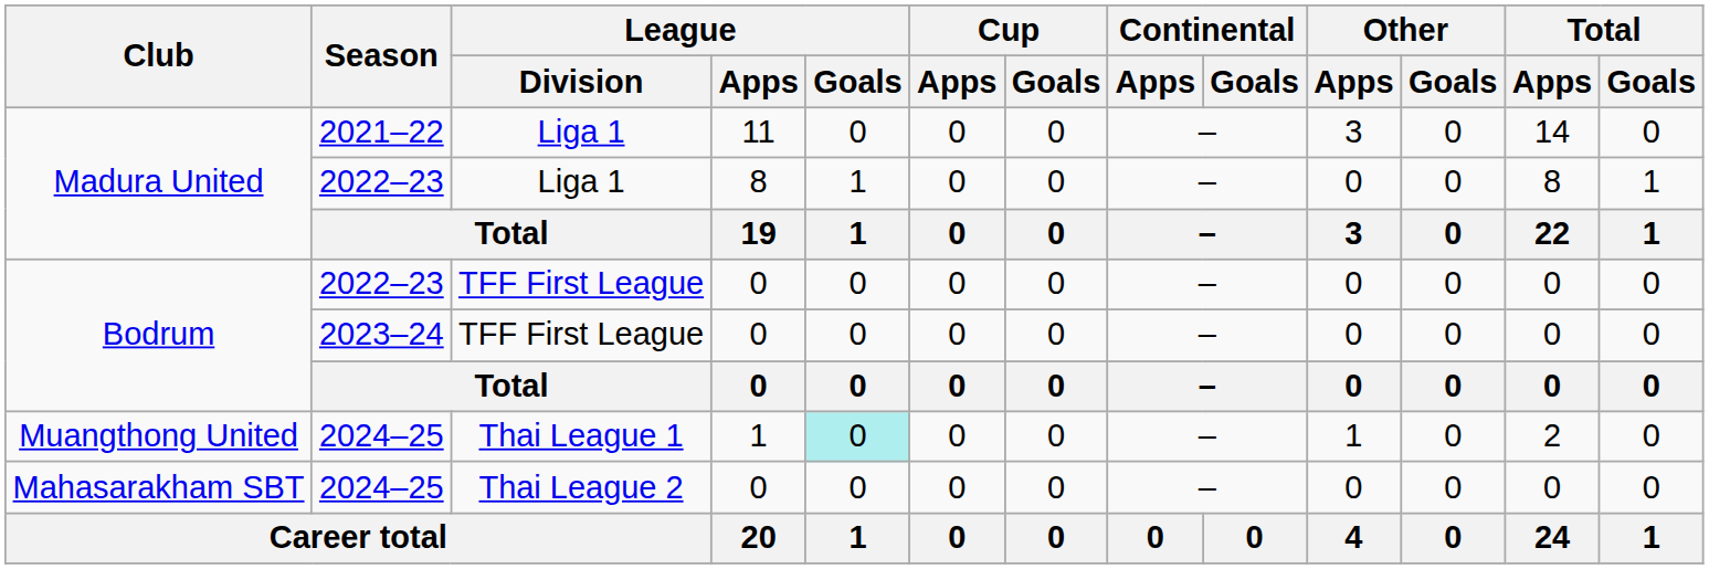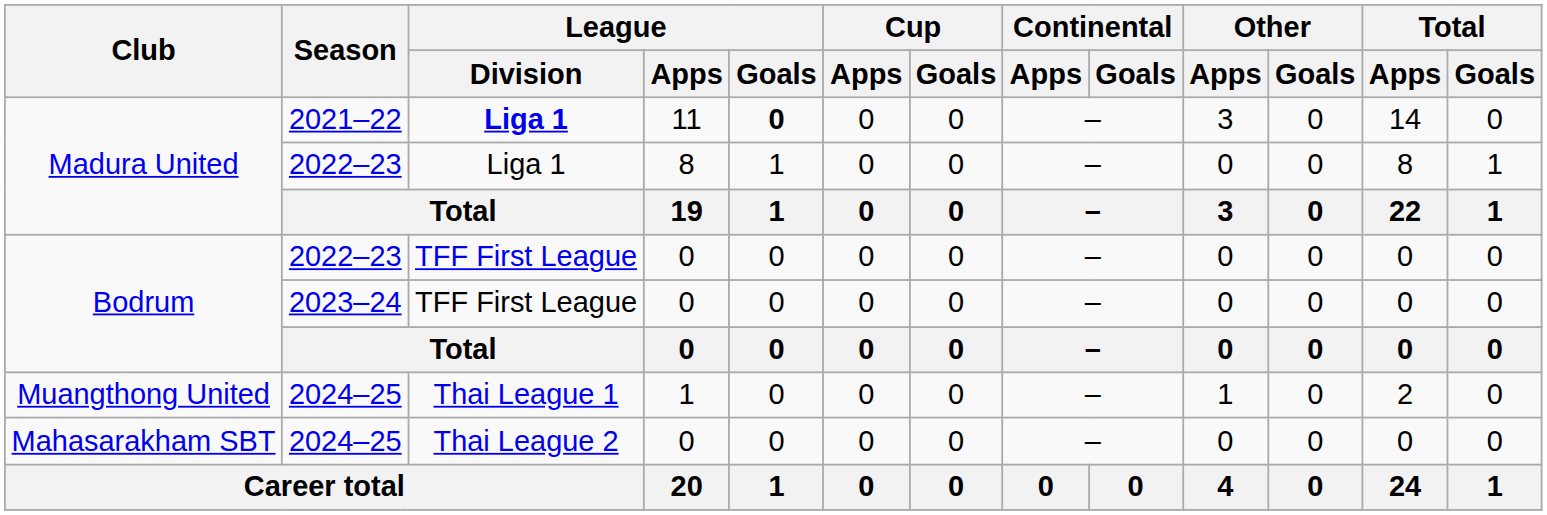 <table class="wikitable" style="text-align: center">
 <tr>
 <th rowspan="2">Club</th>
 <th rowspan="2">Season</th>
 <th colspan="3">League</th>
 <th colspan="2">Cup</th>
 <th colspan="2">Continental</th>
 <th colspan="2">Other</th>
 <th colspan="2">Total</th>
 </tr>
 <tr>
 <th>Division</th>
 <th>Apps</th>
 <th>Goals</th>
 <th>Apps</th>
 <th>Goals</th>
 <th>Apps</th>
 <th>Goals</th>
 <th>Apps</th>
 <th>Goals</th>
 <th>Apps</th>
 <th>Goals</th>
 </tr>
 <tr>
 <td rowspan="3"><a href='#'>Madura United</a></td>
 <td><a href='#'>2021–22</a></td>
-<td rowspan="1" valign="center"><a href='#'>Liga 1</a></td>
+<td rowspan="1" valign="center"><strong><a href='#'>Liga 1</a></strong></td>
 <td>11</td>
-<td>0</td>
+<td><strong>0</strong></td>
 <td>0</td>
 <td>0</td>
 <td colspan="2">–</td>
 <td>3</td>
 <td>0</td>
 <td>14</td>
 <td>0</td>
 </tr>
 <tr>
 <td><a href='#'>2022–23</a></td>
 <td rowspan="1" valign="center">Liga 1</td>
 <td>8</td>
 <td>1</td>
 <td>0</td>
 <td>0</td>
 <td colspan=2>–</td>
 <td>0</td>
 <td>0</td>
 <td>8</td>
 <td>1</td>
 </tr>
 <tr>
 <th colspan=2>Total</th>
 <th>19</th>
 <th>1</th>
 <th>0</th>
 <th>0</th>
 <th colspan=2>–</th>
 <th>3</th>
 <th>0</th>
 <th>22</th>
 <th>1</th>
 </tr>
 <tr>
 <td rowspan="3"><a href='#'>Bodrum</a></td>
 <td><a href='#'>2022–23</a></td>
 <td rowspan="1" valign="center"><a href='#'>TFF First League</a></td>
 <td>0</td>
 <td>0</td>
 <td>0</td>
 <td>0</td>
 <td colspan="2">–</td>
 <td>0</td>
 <td>0</td>
 <td>0</td>
 <td>0</td>
 </tr>
 <tr>
 <td><a href='#'>2023–24</a></td>
 <td rowspan="1" valign="center">TFF First League</td>
 <td>0</td>
 <td>0</td>
 <td>0</td>
 <td>0</td>
 <td colspan="2">–</td>
 <td>0</td>
 <td>0</td>
 <td>0</td>
 <td>0</td>
 </tr>
 <tr>
 <th colspan=2>Total</th>
 <th>0</th>
 <th>0</th>
 <th>0</th>
 <th>0</th>
 <th colspan=2>–</th>
 <th>0</th>
 <th>0</th>
 <th>0</th>
 <th>0</th>
 </tr>
 <tr>
 <td rowspan="1"><a href='#'>Muangthong United</a></td>
 <td><a href='#'>2024–25</a></td>
 <td rowspan="1" valign="center"><a href='#'>Thai League 1</a></td>
 <td>1</td>
-<td style="background: paleturquoise;">0</td>
+<td>0</td>
 <td>0</td>
 <td>0</td>
 <td colspan="2">–</td>
 <td>1</td>
 <td>0</td>
 <td>2</td>
 <td>0</td>
 </tr>
 <tr>
 <td rowspan="1"><a href='#'>Mahasarakham SBT</a></td>
 <td><a href='#'>2024–25</a></td>
 <td rowspan="1" valign="center"><a href='#'>Thai League 2</a></td>
 <td>0</td>
 <td>0</td>
 <td>0</td>
 <td>0</td>
 <td colspan="2">–</td>
 <td>0</td>
 <td>0</td>
 <td>0</td>
 <td>0</td>
 </tr>
 <tr>
 <th colspan=3>Career total</th>
 <th>20</th>
 <th>1</th>
 <th>0</th>
 <th>0</th>
 <th>0</th>
 <th>0</th>
 <th>4</th>
 <th>0</th>
 <th>24</th>
 <th>1</th>
 </tr>
 </table>
